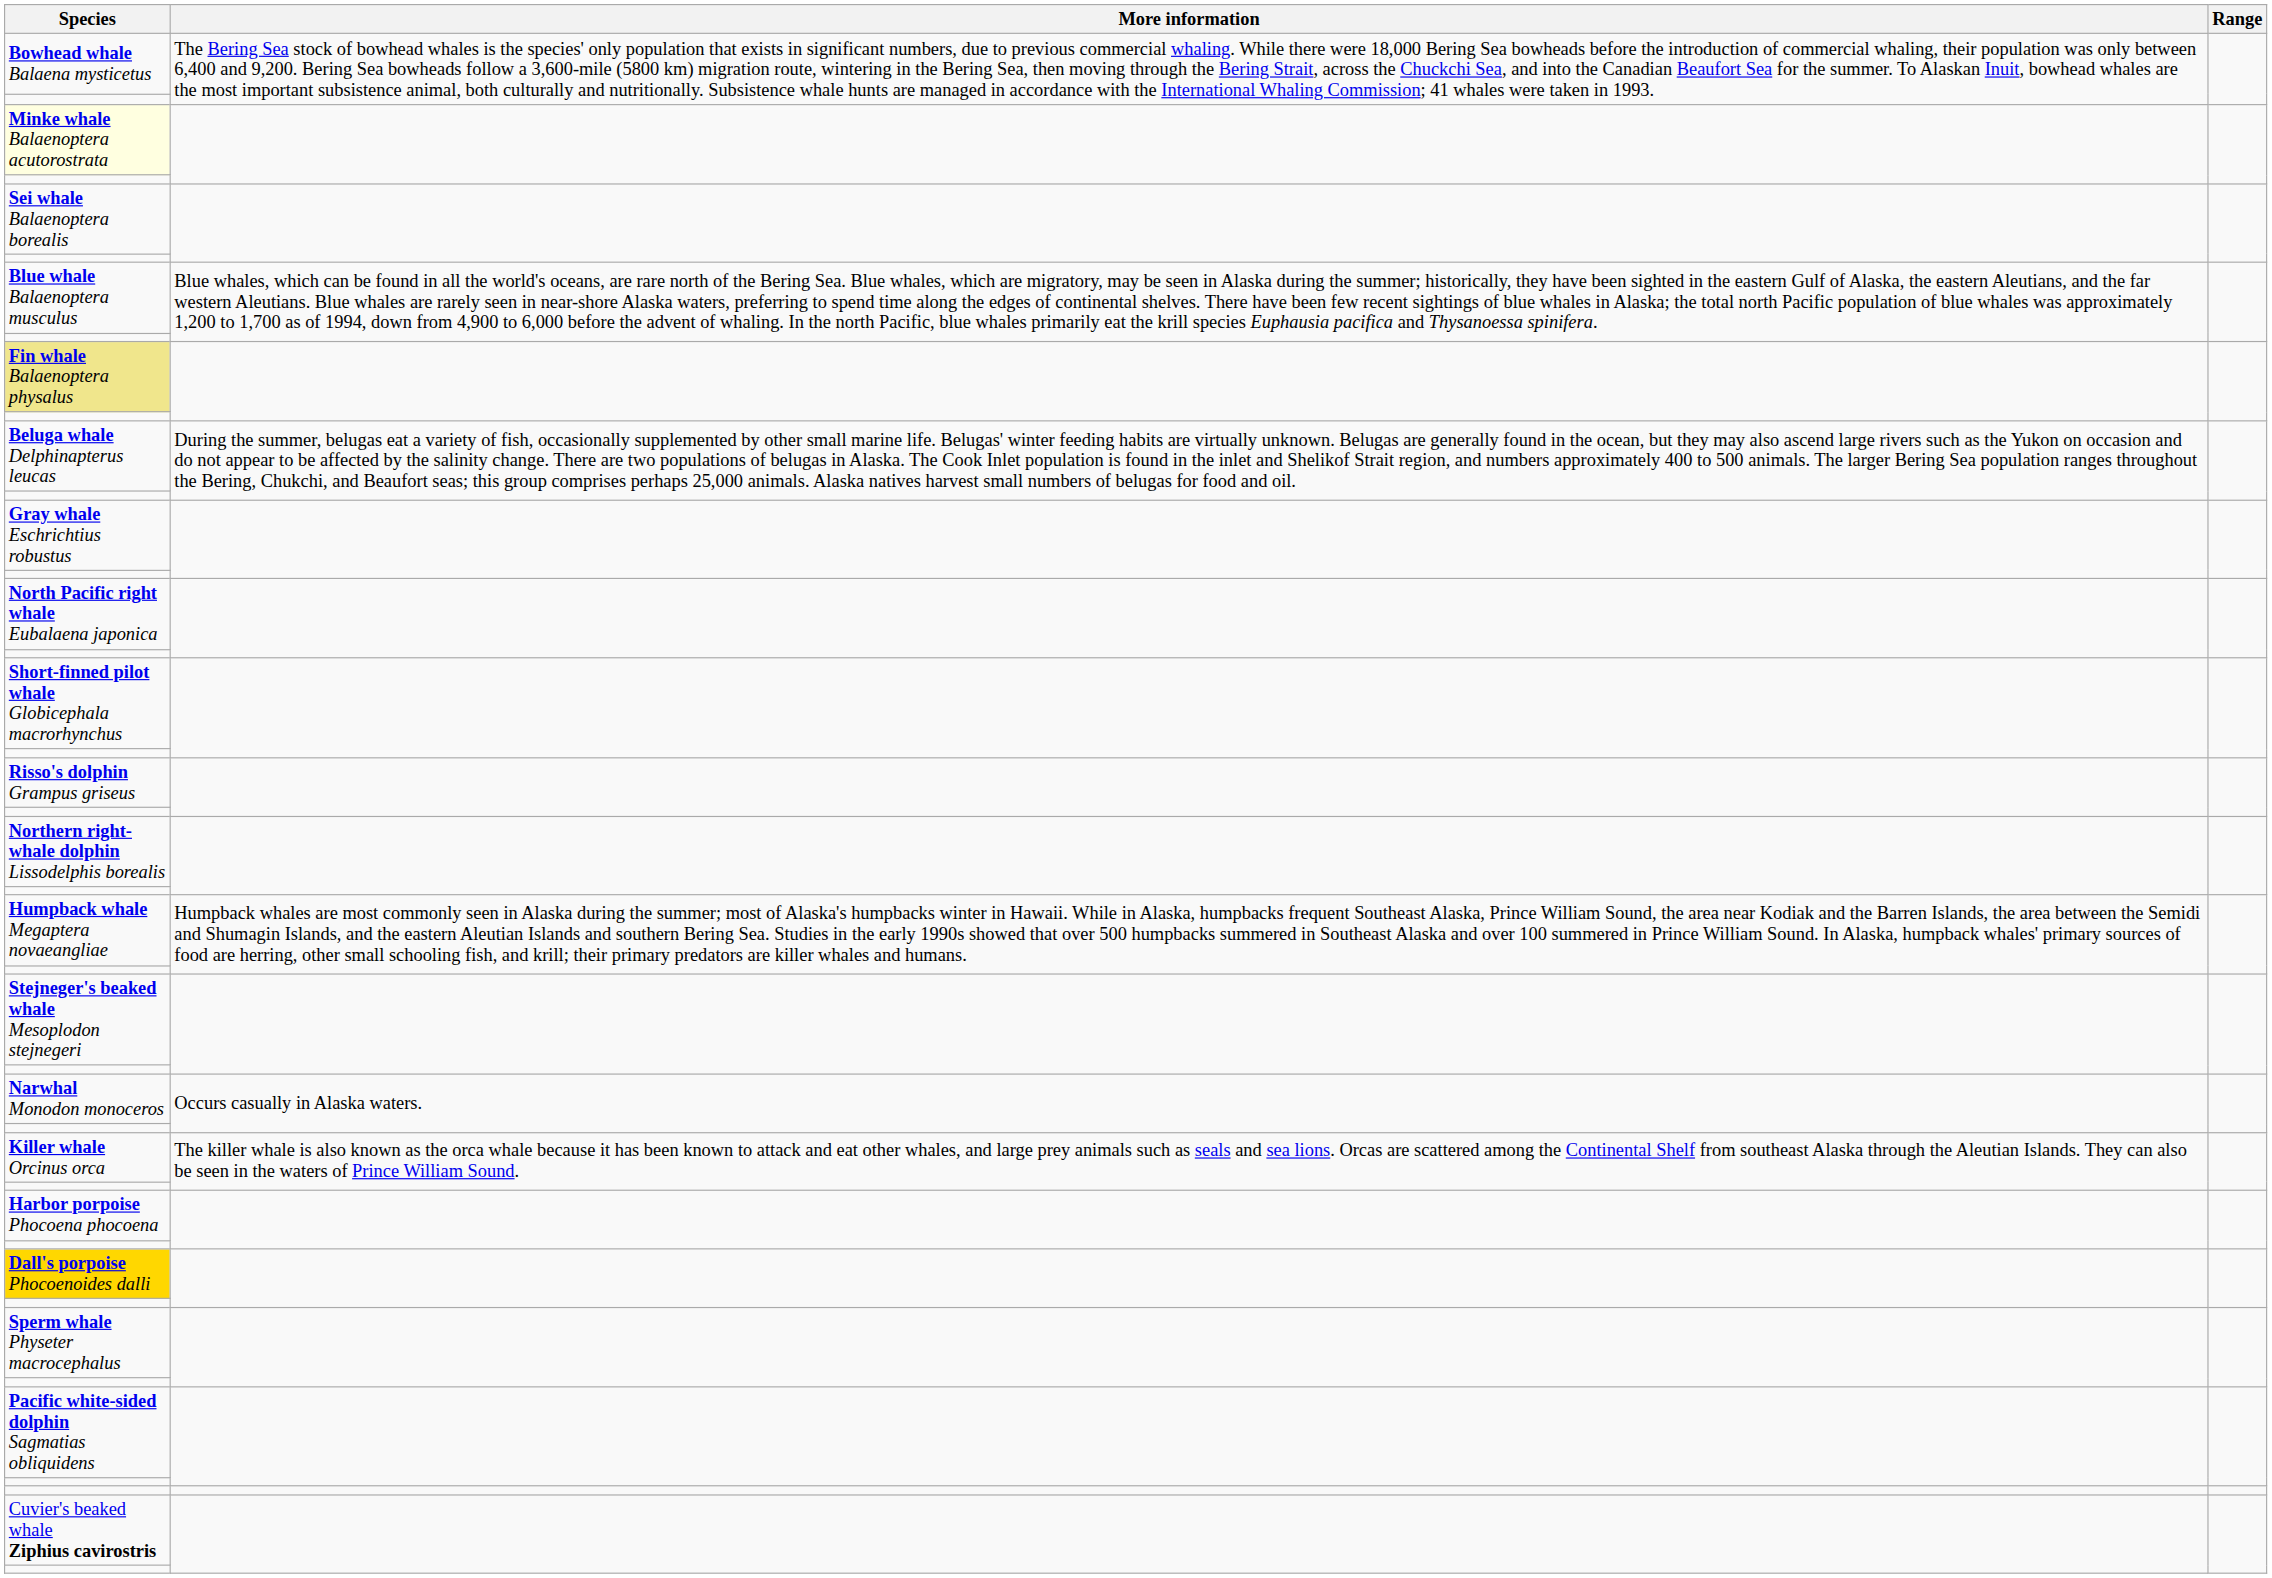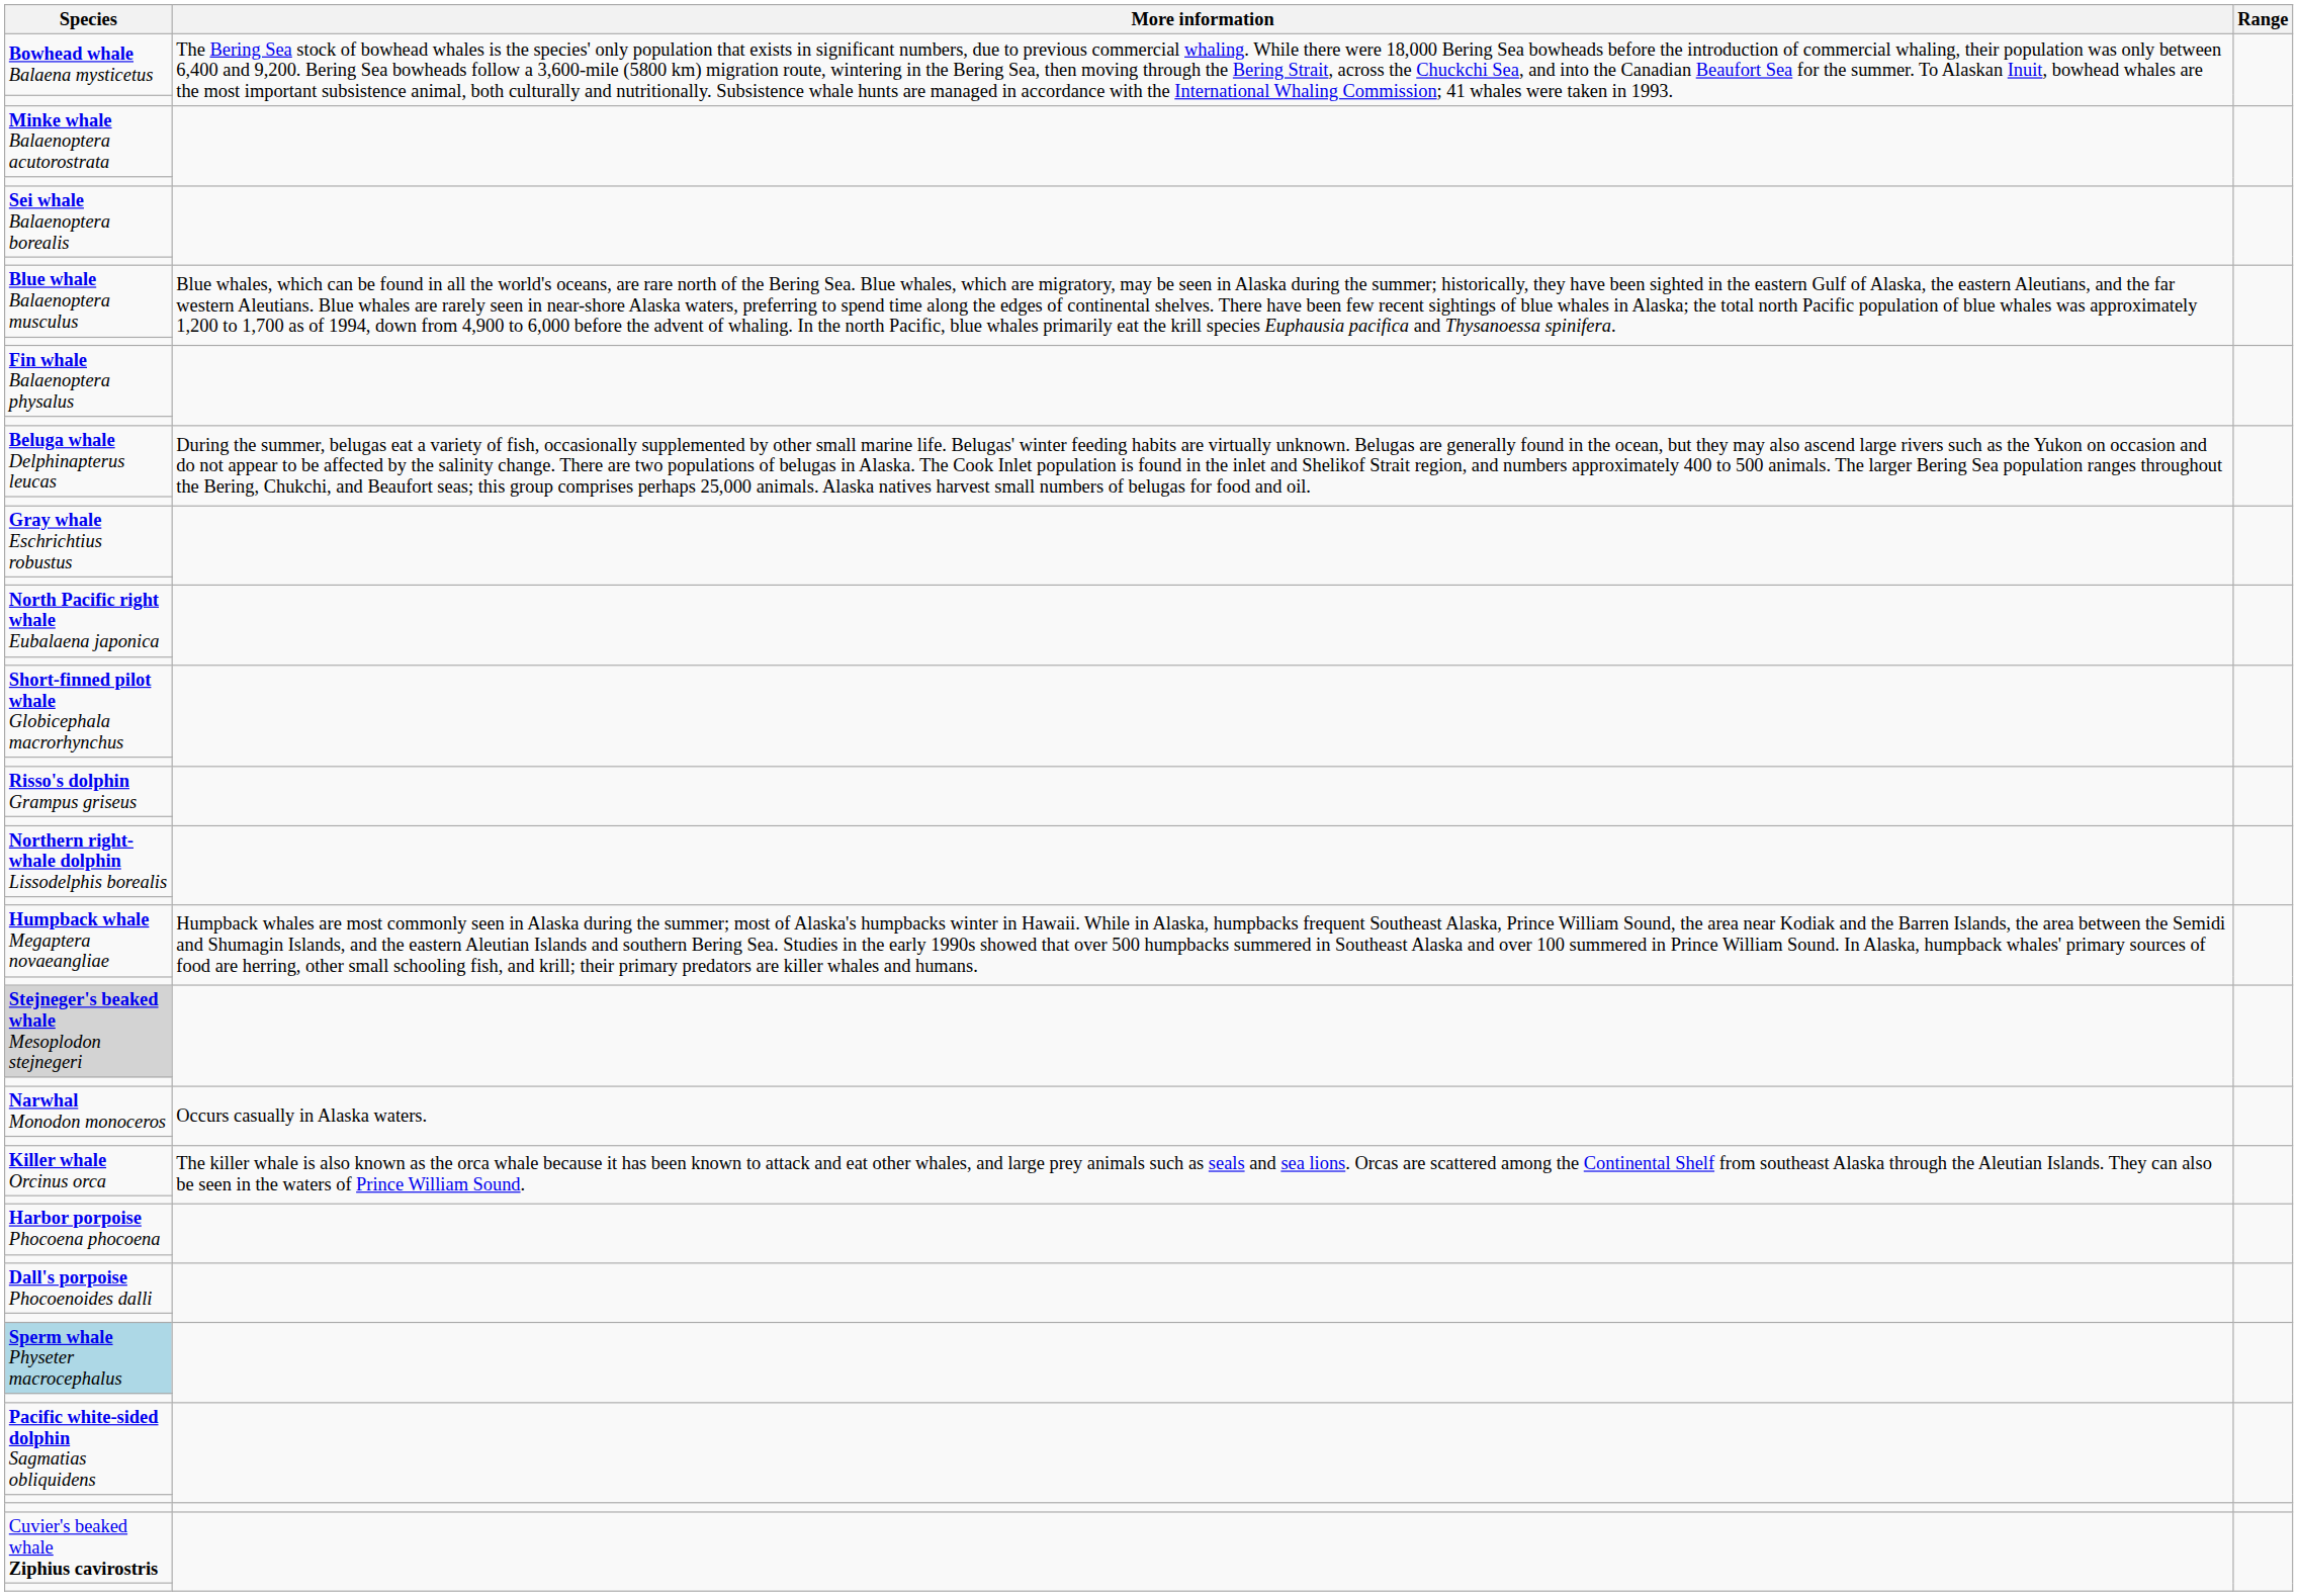 <table class="wikitable">
 <tr>
 <th>Species</th>
 <th>More information</th>
 <th>Range</th>
 </tr>
 <tr>
 <td><strong><a href='#'>Bowhead whale</a></strong><br><em>Balaena mysticetus</em></td>
 <td rowspan=2>The <a href='#'>Bering Sea</a> stock of bowhead whales is the species' only population that exists in significant numbers, due to previous commercial <a href='#'>whaling</a>.  While there were 18,000 Bering Sea bowheads before the introduction of commercial whaling,  their population was only between 6,400 and 9,200.  Bering Sea bowheads follow a 3,600-mile (5800 km) migration route, wintering in the Bering Sea, then moving through the <a href='#'>Bering Strait</a>, across the <a href='#'>Chuckchi Sea</a>, and into the Canadian <a href='#'>Beaufort Sea</a> for the summer.  To Alaskan <a href='#'>Inuit</a>, bowhead whales are the most important subsistence animal, both culturally and nutritionally.  Subsistence whale hunts are managed in accordance with the <a href='#'>International Whaling Commission</a>; 41 whales were taken in 1993.</td>
 <td rowspan=2></td>
 </tr>
 <tr>
 <td align="center"></td>
 </tr>
 <tr>
-<td style="background: lightyellow;"><strong><a href='#'>Minke whale</a> </strong><br><em>Balaenoptera acutorostrata</em></td>
+<td><strong><a href='#'>Minke whale</a> </strong><br><em>Balaenoptera acutorostrata</em></td>
 <td rowspan=2></td>
 <td rowspan=2></td>
 </tr>
 <tr>
 <td align="center"></td>
 </tr>
 <tr>
 <td><strong><a href='#'>Sei whale</a> </strong><br><em>Balaenoptera borealis</em></td>
 <td rowspan=2></td>
 <td rowspan=2></td>
 </tr>
 <tr>
 <td align="center"></td>
 </tr>
 <tr>
 <td><strong><a href='#'>Blue whale</a></strong><br><em>Balaenoptera musculus</em></td>
 <td rowspan=2>Blue whales, which can be found in all the world's oceans, are rare north of the Bering Sea.  Blue whales, which are migratory, may be seen in Alaska during the summer; historically, they have been sighted in the eastern Gulf of Alaska, the eastern Aleutians, and the far western Aleutians. Blue whales are rarely seen in near-shore Alaska waters, preferring to spend time along the edges of continental shelves. There have been few recent sightings of blue whales in Alaska; the total north Pacific population of blue whales was approximately 1,200 to 1,700 as of 1994, down from 4,900 to 6,000 before the advent of whaling.  In the north Pacific, blue whales primarily eat the krill species <em>Euphausia pacifica</em> and <em>Thysanoessa spinifera</em>.</td>
 <td rowspan=2></td>
 </tr>
 <tr>
 <td align="center"></td>
 </tr>
 <tr>
-<td style="background: khaki;"><strong><a href='#'>Fin whale</a></strong> <br><em>Balaenoptera physalus</em></td>
+<td><strong><a href='#'>Fin whale</a></strong> <br><em>Balaenoptera physalus</em></td>
 <td rowspan=2></td>
 <td rowspan=2></td>
 </tr>
 <tr>
 <td align="center"></td>
 </tr>
 <tr>
 <td><strong><a href='#'>Beluga whale</a></strong><br><em>Delphinapterus leucas</em></td>
 <td rowspan=2>During the summer, belugas eat a variety of fish, occasionally supplemented by other small marine life. Belugas' winter feeding habits are virtually unknown.  Belugas are generally found in the ocean, but they may also ascend large rivers such as the Yukon on occasion and do not appear to be affected by the salinity change. There are two populations of belugas in Alaska. The Cook Inlet population is found in the inlet and Shelikof Strait region, and numbers approximately 400 to 500 animals.  The larger Bering Sea population ranges throughout the Bering, Chukchi, and Beaufort seas; this group comprises perhaps 25,000 animals. Alaska natives harvest small numbers of belugas for food and oil.</td>
 <td rowspan=2></td>
 </tr>
 <tr>
 <td align="center"></td>
 </tr>
 <tr>
 <td><strong><a href='#'>Gray whale</a></strong><br><em>Eschrichtius robustus</em></td>
 <td rowspan=2></td>
 <td rowspan=2></td>
 </tr>
 <tr>
 <td align="center"></td>
 </tr>
 <tr>
 <td><strong><a href='#'>North Pacific right whale</a></strong><br><em>Eubalaena japonica</em></td>
 <td rowspan=2></td>
 <td rowspan=2></td>
 </tr>
 <tr>
 <td align="center"></td>
 </tr>
 <tr>
 <td><strong><a href='#'>Short-finned pilot whale</a> </strong><br><em>Globicephala macrorhynchus</em></td>
 <td rowspan=2></td>
 <td rowspan=2></td>
 </tr>
 <tr>
 <td align="center"></td>
 </tr>
 <tr>
 <td><strong><a href='#'>Risso's dolphin</a></strong><br><em>Grampus griseus</em></td>
 <td rowspan=2></td>
 <td rowspan=2></td>
 </tr>
 <tr>
 <td align="center"></td>
 </tr>
 <tr>
 <td><strong><a href='#'>Northern right-whale dolphin</a></strong> <br><em>Lissodelphis borealis</em></td>
 <td rowspan=2></td>
 <td rowspan=2></td>
 </tr>
 <tr>
 <td align="center"></td>
 </tr>
 <tr>
 <td><strong><a href='#'>Humpback whale</a></strong><br><em>Megaptera novaeangliae</em></td>
 <td rowspan=2>Humpback whales are most commonly seen in Alaska during the summer; most of Alaska's humpbacks winter in Hawaii.  While in Alaska, humpbacks frequent Southeast Alaska, Prince William Sound, the area near Kodiak and the Barren Islands, the area between the Semidi and Shumagin Islands, and the eastern Aleutian Islands and southern Bering Sea.  Studies in the early 1990s showed that over 500 humpbacks summered in Southeast Alaska and over 100 summered in Prince William Sound. In Alaska, humpback whales' primary sources of food are herring, other small schooling fish, and krill; their primary predators are killer whales and humans.</td>
 <td rowspan=2></td>
 </tr>
 <tr>
 <td align="center"></td>
 </tr>
 <tr>
-<td><strong><a href='#'>Stejneger's beaked whale</a></strong> <br><em>Mesoplodon stejnegeri</em></td>
+<td style="background: lightgrey;"><strong><a href='#'>Stejneger's beaked whale</a></strong> <br><em>Mesoplodon stejnegeri</em></td>
 <td rowspan=2></td>
 <td rowspan=2></td>
 </tr>
 <tr>
 <td align="center"></td>
 </tr>
 <tr>
 <td><strong><a href='#'>Narwhal</a></strong> <br><em>Monodon monoceros</em></td>
 <td rowspan=2>Occurs casually in Alaska waters.</td>
 <td rowspan=2></td>
 </tr>
 <tr>
 <td align="center"></td>
 </tr>
 <tr>
 <td><strong><a href='#'>Killer whale</a> </strong><br><em>Orcinus orca</em></td>
 <td rowspan=2>The killer whale is also known as the orca whale because it has been known to attack and eat other whales, and large prey animals such as <a href='#'>seals</a> and <a href='#'>sea lions</a>. Orcas are scattered among the <a href='#'>Continental Shelf</a> from southeast Alaska through the Aleutian Islands. They can also be seen in the waters of <a href='#'>Prince William Sound</a>.</td>
 <td rowspan=2></td>
 </tr>
 <tr>
 <td align="center"></td>
 </tr>
 <tr>
 <td><strong><a href='#'>Harbor porpoise</a></strong> <br><em>Phocoena phocoena</em></td>
 <td rowspan=2></td>
 <td rowspan=2></td>
 </tr>
 <tr>
 <td align="center"></td>
 </tr>
 <tr>
-<td style="background: gold;"><strong><a href='#'>Dall's porpoise</a></strong> <br><em>Phocoenoides dalli</em></td>
+<td><strong><a href='#'>Dall's porpoise</a></strong> <br><em>Phocoenoides dalli</em></td>
 <td rowspan=2></td>
 <td rowspan=2></td>
 </tr>
 <tr>
 <td align="center"></td>
 </tr>
 <tr>
-<td><strong><a href='#'>Sperm whale</a></strong> <br><em>Physeter macrocephalus</em></td>
+<td style="background: lightblue;"><strong><a href='#'>Sperm whale</a></strong> <br><em>Physeter macrocephalus</em></td>
 <td rowspan=2></td>
 <td rowspan=2></td>
 </tr>
 <tr>
 <td align="center"></td>
 </tr>
 <tr>
 <td><strong><a href='#'>Pacific white-sided dolphin</a></strong><br><em>Sagmatias obliquidens<strong><br><strong><em></td>
 <td rowspan="2"></td>
 <td rowspan="2"></td>
 </tr>
 <tr>
 <td></td>
 </tr>
 <tr>
 <td align="center"></td>
 <td></td>
 <td></td>
 </tr>
 <tr>
 <td></strong><a href='#'>Cuvier's beaked whale</a><strong> <br></em>Ziphius cavirostris<em></td>
 <td rowspan=2></td>
 <td rowspan=2></td>
 </tr>
 <tr>
 <td align="center"></td>
 </tr>
 </table>
